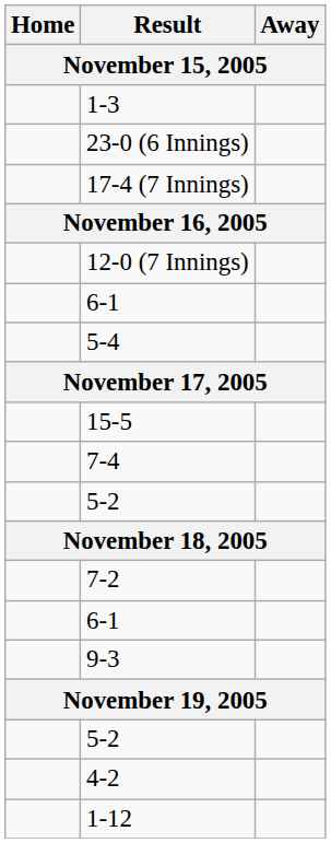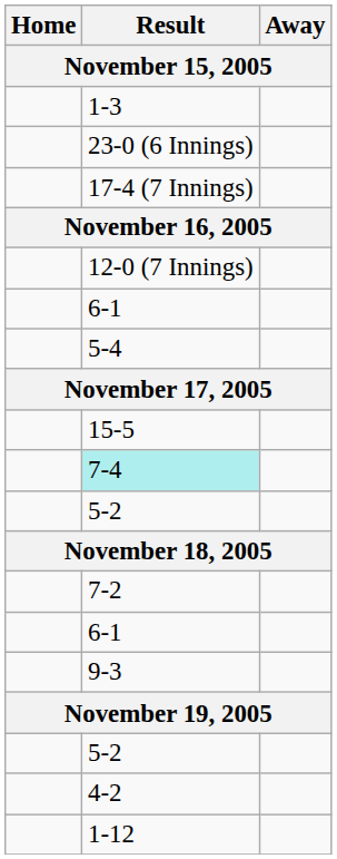 <table class="wikitable">
 <tr>
 <th>Home</th>
 <th>Result</th>
 <th>Away</th>
 </tr>
 <tr>
 <th colspan="7">November 15, 2005</th>
 </tr>
 <tr>
 <td></td>
 <td>1-3</td>
 <td><strong></strong></td>
 </tr>
 <tr>
 <td><strong></strong></td>
 <td>23-0 (6 Innings)</td>
 <td></td>
 </tr>
 <tr>
 <td><strong></strong></td>
 <td>17-4 (7 Innings)</td>
 <td></td>
 </tr>
 <tr>
 <th colspan="7">November 16, 2005</th>
 </tr>
 <tr>
 <td><strong></strong></td>
 <td>12-0 (7 Innings)</td>
 <td></td>
 </tr>
 <tr>
 <td><strong></strong></td>
 <td>6-1</td>
 <td></td>
 </tr>
 <tr>
 <td><strong></strong></td>
 <td>5-4</td>
 <td></td>
 </tr>
 <tr>
 <th colspan="7">November 17, 2005</th>
 </tr>
 <tr>
 <td><strong></strong></td>
 <td>15-5</td>
 <td></td>
 </tr>
 <tr>
 <td><strong></strong></td>
-<td>7-4</td>
+<td style="background: paleturquoise;">7-4</td>
 <td></td>
 </tr>
 <tr>
 <td><strong></strong></td>
 <td>5-2</td>
 <td></td>
 </tr>
 <tr>
 <th colspan="7">November 18, 2005</th>
 </tr>
 <tr>
 <td><strong></strong></td>
 <td>7-2</td>
 <td></td>
 </tr>
 <tr>
 <td><strong></strong></td>
 <td>6-1</td>
 <td></td>
 </tr>
 <tr>
 <td><strong></strong></td>
 <td>9-3</td>
 <td></td>
 </tr>
 <tr>
 <th colspan="7">November 19, 2005</th>
 </tr>
 <tr>
 <td><strong></strong></td>
 <td>5-2</td>
 <td></td>
 </tr>
 <tr>
 <td><strong></strong></td>
 <td>4-2</td>
 <td></td>
 </tr>
 <tr>
 <td></td>
 <td>1-12</td>
 <td><strong></strong></td>
 </tr>
 </table>
